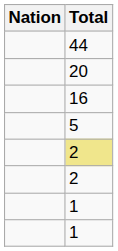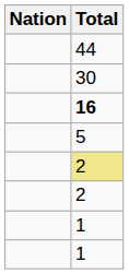 <table class="wikitable sortable">
 <tr>
 <th>Nation</th>
 <th>Total</th>
 </tr>
 <tr>
 <td></td>
 <td>44</td>
 </tr>
 <tr>
 <td></td>
-<td>20</td>
+<td>30</td>
 </tr>
 <tr>
 <td></td>
-<td>16</td>
+<td><strong>16</strong></td>
 </tr>
 <tr>
 <td></td>
 <td>5</td>
 </tr>
 <tr>
 <td></td>
 <td style="background: khaki;">2</td>
 </tr>
 <tr>
 <td></td>
 <td>2</td>
 </tr>
 <tr>
 <td></td>
 <td>1</td>
 </tr>
 <tr>
 <td></td>
 <td>1</td>
 </tr>
 </table>
